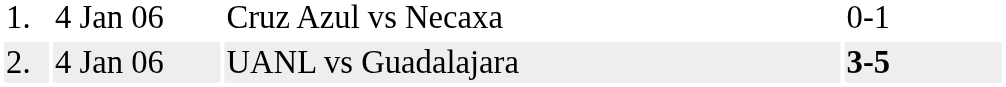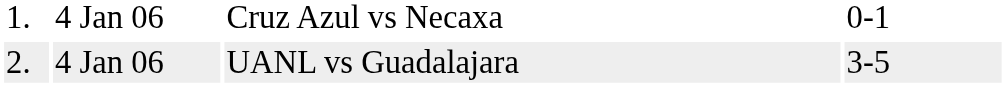 <table>
 <tr>
 <td width="20">1.</td>
 <td width="80">4 Jan 06</td>
 <td width="300">Cruz Azul vs Necaxa</td>
 <td width="75">0-1</td>
 </tr>
 <tr bgcolor=#eeeeee>
 <td>2.</td>
 <td>4 Jan 06</td>
 <td>UANL vs Guadalajara</td>
-<td width="75"><strong>3-5</strong></td>
+<td width="75">3-5</td>
 </tr>
 </table>
